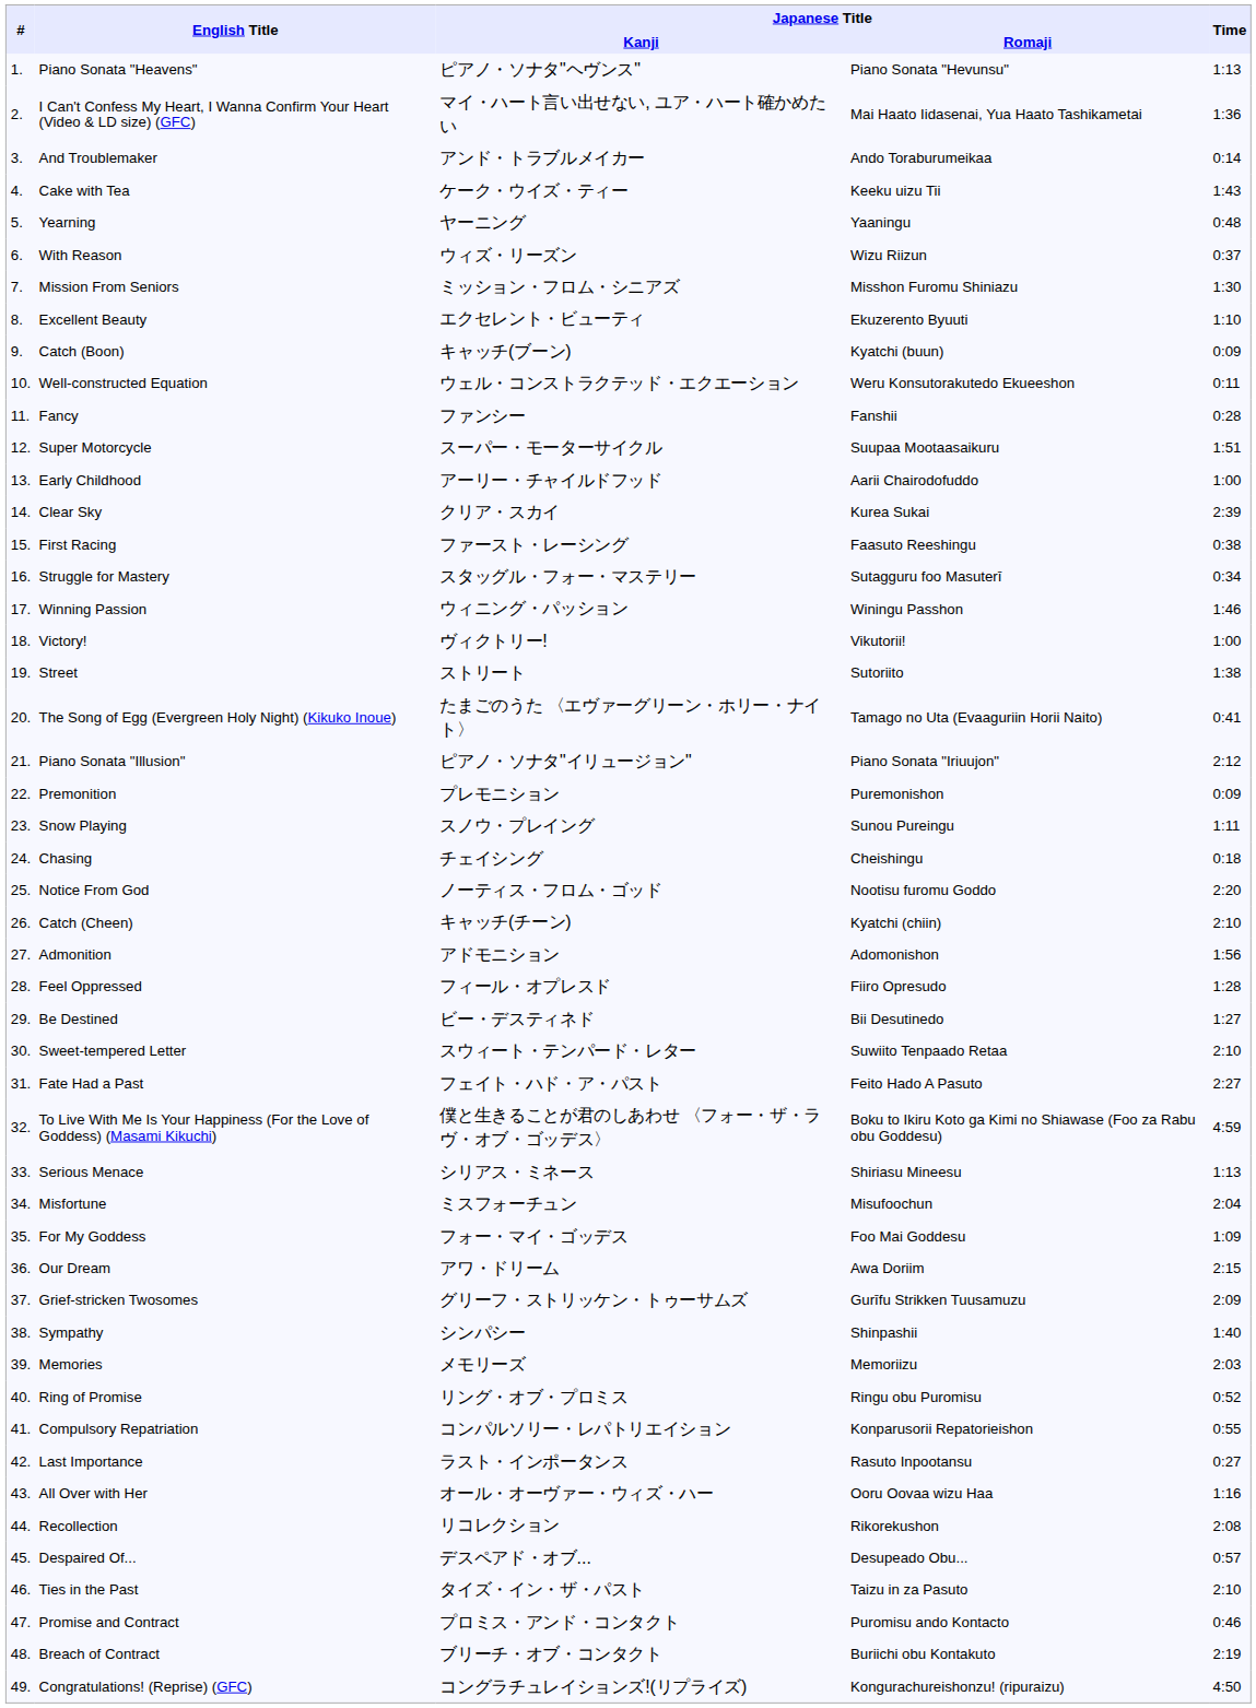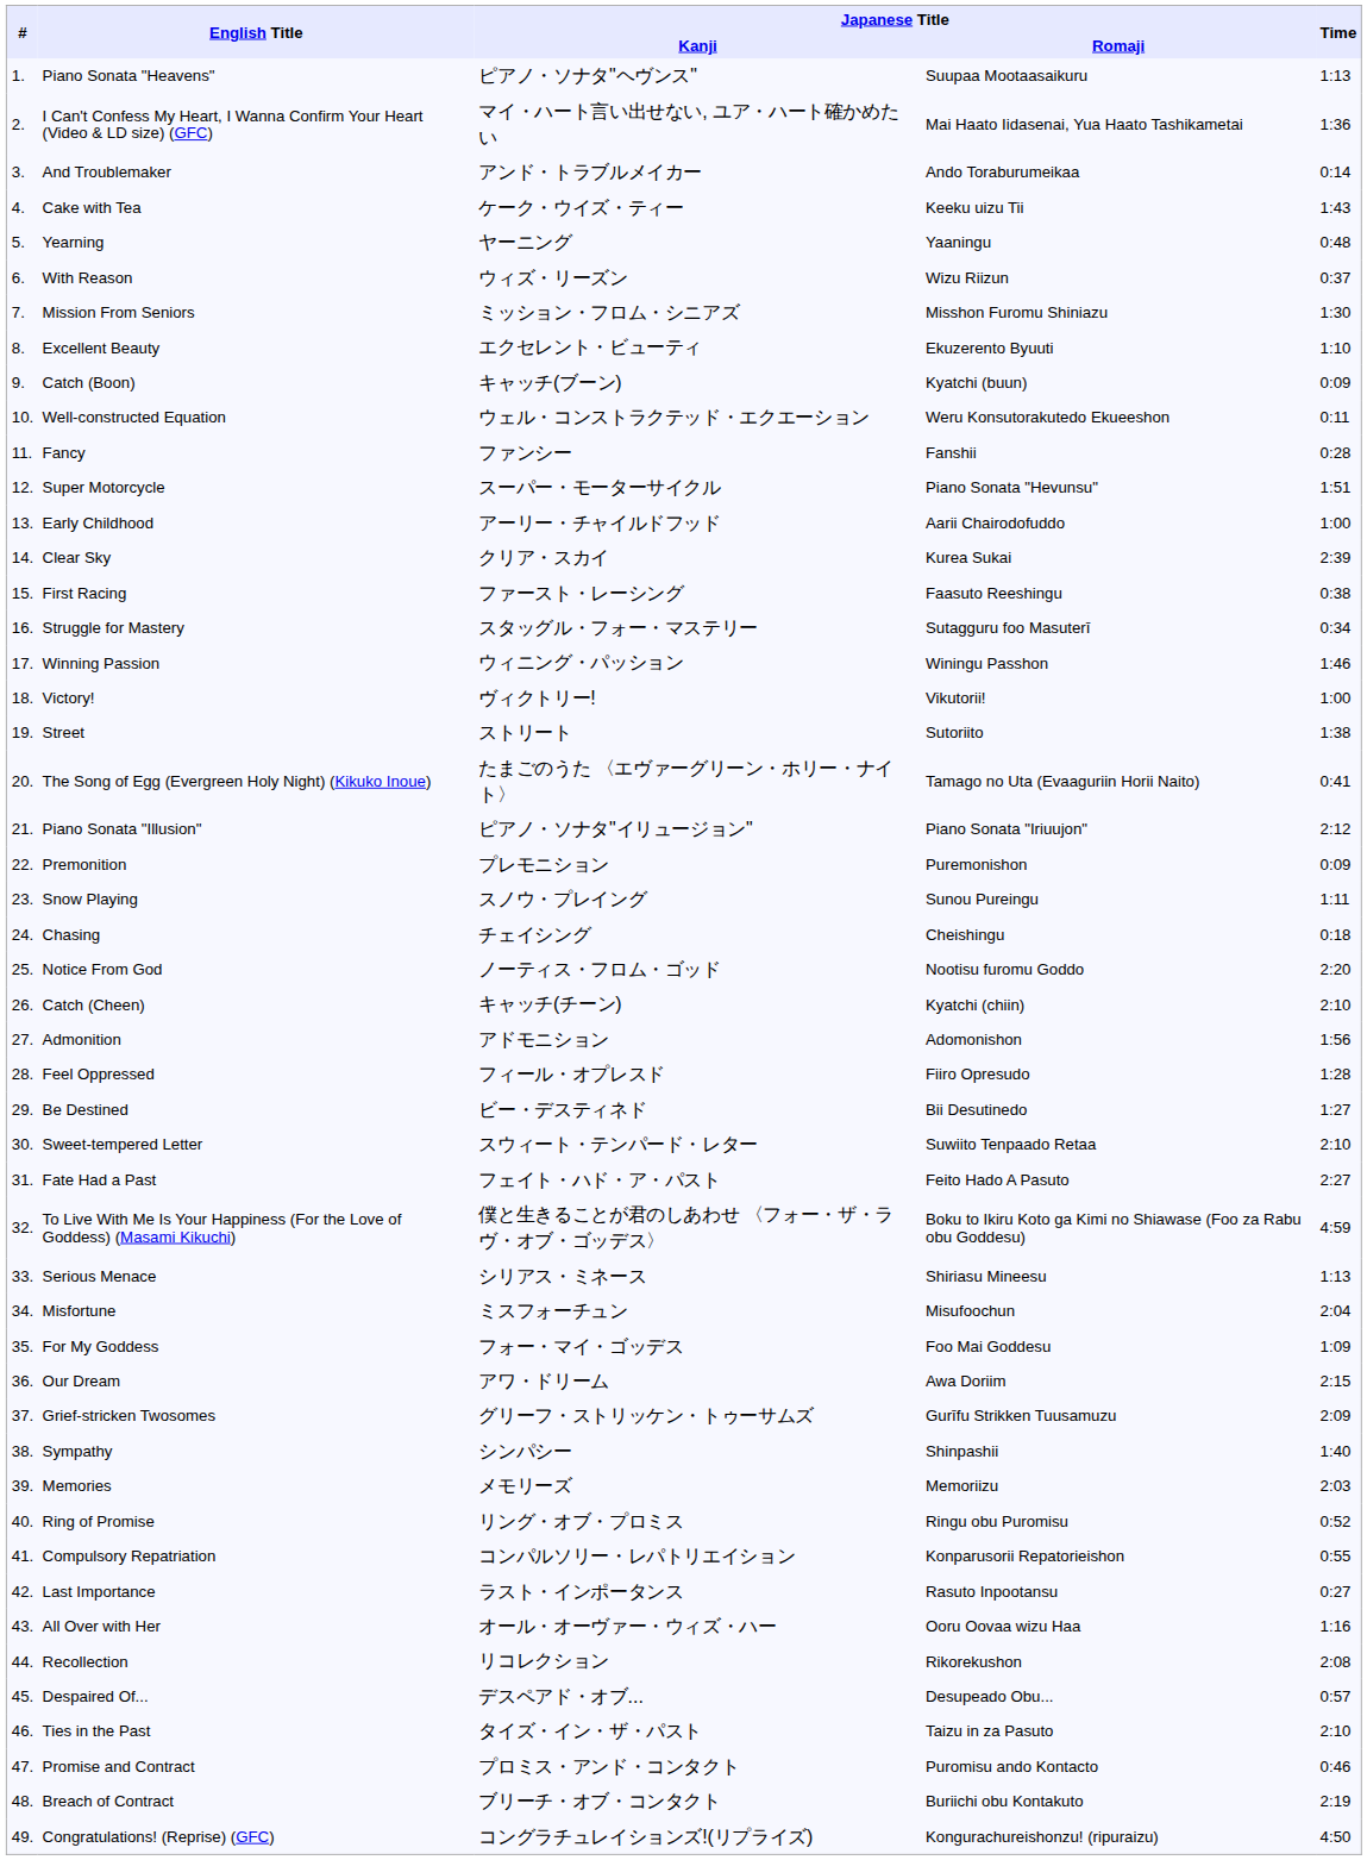 <table border="0" cellpadding="4" cellspacing="0"  style="border:1px #aaa solid; border-collapse:collapse; padding:0.2em; margin:0 1em 1em; background:#f7f8ff; font-size:0.9em; width:98%;">
 <tr style="vertical-align:middle; background:#e6e9ff;">
 <th rowspan="2">#</th>
 <th rowspan="2"><a href='#'>English</a> Title</th>
 <th colspan="2"><a href='#'>Japanese</a> Title</th>
 <th rowspan="2">Time</th>
 </tr>
 <tr style="background:#e6e9ff;">
 <th><a href='#'>Kanji</a></th>
 <th><a href='#'>Romaji</a></th>
 </tr>
 <tr>
 <td>1.</td>
 <td>Piano Sonata "Heavens"</td>
 <td style="font-size: 120%;">ピアノ・ソナタ"ヘヴンス"</td>
-<td>Piano Sonata "Hevunsu"</td>
+<td>Suupaa Mootaasaikuru</td>
 <td>1:13</td>
 </tr>
 <tr>
 <td>2.</td>
 <td>I Can't Confess My Heart, I Wanna Confirm Your Heart (Video & LD size) (<a href='#'>GFC</a>)</td>
 <td style="font-size: 120%;">マイ・ハート言い出せない, ユア・ハート確かめたい</td>
 <td>Mai Haato Iidasenai, Yua Haato Tashikametai</td>
 <td>1:36</td>
 </tr>
 <tr>
 <td>3.</td>
 <td>And Troublemaker</td>
 <td style="font-size: 120%;">アンド・トラブルメイカー</td>
 <td>Ando Toraburumeikaa</td>
 <td>0:14</td>
 </tr>
 <tr>
 <td>4.</td>
 <td>Cake with Tea</td>
 <td style="font-size: 120%;">ケーク・ウイズ・ティー</td>
 <td>Keeku uizu Tii</td>
 <td>1:43</td>
 </tr>
 <tr>
 <td>5.</td>
 <td>Yearning</td>
 <td style="font-size: 120%;">ヤーニング</td>
 <td>Yaaningu</td>
 <td>0:48</td>
 </tr>
 <tr>
 <td>6.</td>
 <td>With Reason</td>
 <td style="font-size: 120%;">ウィズ・リーズン</td>
 <td>Wizu Riizun</td>
 <td>0:37</td>
 </tr>
 <tr>
 <td>7.</td>
 <td>Mission From Seniors</td>
 <td style="font-size: 120%;">ミッション・フロム・シニアズ</td>
 <td>Misshon Furomu Shiniazu</td>
 <td>1:30</td>
 </tr>
 <tr>
 <td>8.</td>
 <td>Excellent Beauty</td>
 <td style="font-size: 120%;">エクセレント・ビューティ</td>
 <td>Ekuzerento Byuuti</td>
 <td>1:10</td>
 </tr>
 <tr>
 <td>9.</td>
 <td>Catch (Boon)</td>
 <td style="font-size: 120%;">キャッチ(ブーン)</td>
 <td>Kyatchi (buun)</td>
 <td>0:09</td>
 </tr>
 <tr>
 <td>10.</td>
 <td>Well-constructed Equation</td>
 <td style="font-size: 120%;">ウェル・コンストラクテッド・エクエーション</td>
 <td>Weru Konsutorakutedo Ekueeshon</td>
 <td>0:11</td>
 </tr>
 <tr>
 <td>11.</td>
 <td>Fancy</td>
 <td style="font-size: 120%;">ファンシー</td>
 <td>Fanshii</td>
 <td>0:28</td>
 </tr>
 <tr>
 <td>12.</td>
 <td>Super Motorcycle</td>
 <td style="font-size: 120%;">スーパー・モーターサイクル</td>
-<td>Suupaa Mootaasaikuru</td>
+<td>Piano Sonata "Hevunsu"</td>
 <td>1:51</td>
 </tr>
 <tr>
 <td>13.</td>
 <td>Early Childhood</td>
 <td style="font-size: 120%;">アーリー・チャイルドフッド</td>
 <td>Aarii Chairodofuddo</td>
 <td>1:00</td>
 </tr>
 <tr>
 <td>14.</td>
 <td>Clear Sky</td>
 <td style="font-size: 120%;">クリア・スカイ</td>
 <td>Kurea Sukai</td>
 <td>2:39</td>
 </tr>
 <tr>
 <td>15.</td>
 <td>First Racing</td>
 <td style="font-size: 120%;">ファースト・レーシング</td>
 <td>Faasuto Reeshingu</td>
 <td>0:38</td>
 </tr>
 <tr>
 <td>16.</td>
 <td>Struggle for Mastery</td>
 <td style="font-size: 120%;">スタッグル・フォー・マステリー</td>
 <td>Sutagguru foo Masuterī</td>
 <td>0:34</td>
 </tr>
 <tr>
 <td>17.</td>
 <td>Winning Passion</td>
 <td style="font-size: 120%;">ウィニング・パッション</td>
 <td>Winingu Passhon</td>
 <td>1:46</td>
 </tr>
 <tr>
 <td>18.</td>
 <td>Victory!</td>
 <td style="font-size: 120%;">ヴィクトリー!</td>
 <td>Vikutorii!</td>
 <td>1:00</td>
 </tr>
 <tr>
 <td>19.</td>
 <td>Street</td>
 <td style="font-size: 120%;">ストリート</td>
 <td>Sutoriito</td>
 <td>1:38</td>
 </tr>
 <tr>
 <td>20.</td>
 <td>The Song of Egg (Evergreen Holy Night) (<a href='#'>Kikuko Inoue</a>)</td>
 <td style="font-size: 120%;">たまごのうた 〈エヴァーグリーン・ホリー・ナイト〉</td>
 <td>Tamago no Uta (Evaaguriin Horii Naito)</td>
 <td>0:41</td>
 </tr>
 <tr>
 <td>21.</td>
 <td>Piano Sonata "Illusion"</td>
 <td style="font-size: 120%;">ピアノ・ソナタ"イリュージョン"</td>
 <td>Piano Sonata "Iriuujon"</td>
 <td>2:12</td>
 </tr>
 <tr>
 <td>22.</td>
 <td>Premonition</td>
 <td style="font-size: 120%;">プレモニション</td>
 <td>Puremonishon</td>
 <td>0:09</td>
 </tr>
 <tr>
 <td>23.</td>
 <td>Snow Playing</td>
 <td style="font-size: 120%;">スノウ・プレイング</td>
 <td>Sunou Pureingu</td>
 <td>1:11</td>
 </tr>
 <tr>
 <td>24.</td>
 <td>Chasing</td>
 <td style="font-size: 120%;">チェイシング</td>
 <td>Cheishingu</td>
 <td>0:18</td>
 </tr>
 <tr>
 <td>25.</td>
 <td>Notice From God</td>
 <td style="font-size: 120%;">ノーティス・フロム・ゴッド</td>
 <td>Nootisu furomu Goddo</td>
 <td>2:20</td>
 </tr>
 <tr>
 <td>26.</td>
 <td>Catch (Cheen)</td>
 <td style="font-size: 120%;">キャッチ(チーン)</td>
 <td>Kyatchi (chiin)</td>
 <td>2:10</td>
 </tr>
 <tr>
 <td>27.</td>
 <td>Admonition</td>
 <td style="font-size: 120%;">アドモニション</td>
 <td>Adomonishon</td>
 <td>1:56</td>
 </tr>
 <tr>
 <td>28.</td>
 <td>Feel Oppressed</td>
 <td style="font-size: 120%;">フィール・オプレスド</td>
 <td>Fiiro Opresudo</td>
 <td>1:28</td>
 </tr>
 <tr>
 <td>29.</td>
 <td>Be Destined</td>
 <td style="font-size: 120%;">ビー・デスティネド</td>
 <td>Bii Desutinedo</td>
 <td>1:27</td>
 </tr>
 <tr>
 <td>30.</td>
 <td>Sweet-tempered Letter</td>
 <td style="font-size: 120%;">スウィート・テンパード・レター</td>
 <td>Suwiito Tenpaado Retaa</td>
 <td>2:10</td>
 </tr>
 <tr>
 <td>31.</td>
 <td>Fate Had a Past</td>
 <td style="font-size: 120%;">フェイト・ハド・ア・パスト</td>
 <td>Feito Hado A Pasuto</td>
 <td>2:27</td>
 </tr>
 <tr>
 <td>32.</td>
 <td>To Live With Me Is Your Happiness (For the Love of Goddess) (<a href='#'>Masami Kikuchi</a>)</td>
 <td style="font-size: 120%;">僕と生きることが君のしあわせ 〈フォー・ザ・ラヴ・オブ・ゴッデス〉</td>
 <td>Boku to Ikiru Koto ga Kimi no Shiawase (Foo za Rabu obu Goddesu)</td>
 <td>4:59</td>
 </tr>
 <tr>
 <td>33.</td>
 <td>Serious Menace</td>
 <td style="font-size: 120%;">シリアス・ミネース</td>
 <td>Shiriasu Mineesu</td>
 <td>1:13</td>
 </tr>
 <tr>
 <td>34.</td>
 <td>Misfortune</td>
 <td style="font-size: 120%;">ミスフォーチュン</td>
 <td>Misufoochun</td>
 <td>2:04</td>
 </tr>
 <tr>
 <td>35.</td>
 <td>For My Goddess</td>
 <td style="font-size: 120%;">フォー・マイ・ゴッデス</td>
 <td>Foo Mai Goddesu</td>
 <td>1:09</td>
 </tr>
 <tr>
 <td>36.</td>
 <td>Our Dream</td>
 <td style="font-size: 120%;">アワ・ドリーム</td>
 <td>Awa Doriim</td>
 <td>2:15</td>
 </tr>
 <tr>
 <td>37.</td>
 <td>Grief-stricken Twosomes</td>
 <td style="font-size: 120%;">グリーフ・ストリッケン・トゥーサムズ</td>
 <td>Gurīfu Strikken Tuusamuzu</td>
 <td>2:09</td>
 </tr>
 <tr>
 <td>38.</td>
 <td>Sympathy</td>
 <td style="font-size: 120%;">シンパシー</td>
 <td>Shinpashii</td>
 <td>1:40</td>
 </tr>
 <tr>
 <td>39.</td>
 <td>Memories</td>
 <td style="font-size: 120%;">メモリーズ</td>
 <td>Memoriizu</td>
 <td>2:03</td>
 </tr>
 <tr>
 <td>40.</td>
 <td>Ring of Promise</td>
 <td style="font-size: 120%;">リング・オブ・プロミス</td>
 <td>Ringu obu Puromisu</td>
 <td>0:52</td>
 </tr>
 <tr>
 <td>41.</td>
 <td>Compulsory Repatriation</td>
 <td style="font-size: 120%;">コンパルソリー・レパトリエイション</td>
 <td>Konparusorii Repatorieishon</td>
 <td>0:55</td>
 </tr>
 <tr>
 <td>42.</td>
 <td>Last Importance</td>
 <td style="font-size: 120%;">ラスト・インポータンス</td>
 <td>Rasuto Inpootansu</td>
 <td>0:27</td>
 </tr>
 <tr>
 <td>43.</td>
 <td>All Over with Her</td>
 <td style="font-size: 120%;">オール・オーヴァー・ウィズ・ハー</td>
 <td>Ooru Oovaa wizu Haa</td>
 <td>1:16</td>
 </tr>
 <tr>
 <td>44.</td>
 <td>Recollection</td>
 <td style="font-size: 120%;">リコレクション</td>
 <td>Rikorekushon</td>
 <td>2:08</td>
 </tr>
 <tr>
 <td>45.</td>
 <td>Despaired Of...</td>
 <td style="font-size: 120%;">デスペアド・オブ...</td>
 <td>Desupeado Obu...</td>
 <td>0:57</td>
 </tr>
 <tr>
 <td>46.</td>
 <td>Ties in the Past</td>
 <td style="font-size: 120%;">タイズ・イン・ザ・パスト</td>
 <td>Taizu in za Pasuto</td>
 <td>2:10</td>
 </tr>
 <tr>
 <td>47.</td>
 <td>Promise and Contract</td>
 <td style="font-size: 120%;">プロミス・アンド・コンタクト</td>
 <td>Puromisu ando Kontacto</td>
 <td>0:46</td>
 </tr>
 <tr>
 <td>48.</td>
 <td>Breach of Contract</td>
 <td style="font-size: 120%;">ブリーチ・オブ・コンタクト</td>
 <td>Buriichi obu Kontakuto</td>
 <td>2:19</td>
 </tr>
 <tr>
 <td>49.</td>
 <td>Congratulations! (Reprise) (<a href='#'>GFC</a>)</td>
 <td style="font-size: 120%;">コングラチュレイションズ!(リプライズ)</td>
 <td>Kongurachureishonzu! (ripuraizu)</td>
 <td>4:50</td>
 </tr>
 </table>
